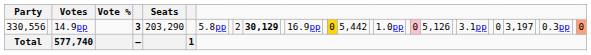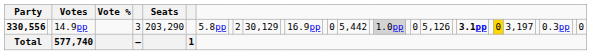 <table class=wikitable style="text-align:right;">
 <tr>
 <th colspan=2>Party</th>
 <th>Votes</th>
 <th>Vote %</th>
 <th></th>
 <th>Seats</th>
 <th></th>
 </tr>
 <tr>
-<td>330,556</td>
+<td><strong>330,556</strong></td>
 <td style="text-align:center;"></td>
 <td style="text-align:left;"> 14.9<a href='#'>pp</a></td>
 <td style="text-align:center;"></td>
-<td style="text-align:left;"><strong> 3<br></strong></td>
+<td style="text-align:left;"> 3<br></td>
 <td>203,290</td>
 <td style="text-align:center;"></td>
 <td style="text-align:left;"> 5.8<a href='#'>pp</a></td>
 <td style="text-align:center;"></td>
 <td style="text-align:left;"> 2<br></td>
-<td><strong>30,129</strong></td>
+<td>30,129</td>
 <td style="text-align:center;"></td>
 <td style="text-align:left;"> 16.9<a href='#'>pp</a></td>
 <td style="text-align:center;"></td>
-<td style="background: gold; text-align:left;"> 0<br></td>
+<td style="text-align:left;"> 0<br></td>
 <td>5,442</td>
 <td style="text-align:center;"></td>
-<td style="text-align:left;"> 1.0<a href='#'>pp</a></td>
+<td style="background: lightgrey; text-align:left;"> 1.0<a href='#'>pp</a></td>
 <td style="text-align:center;"></td>
-<td style="background: pink; text-align:left;"> 0<br></td>
+<td style="text-align:left;"> 0<br></td>
 <td>5,126</td>
 <td style="text-align:center;"></td>
-<td style="text-align:left;"> 3.1<a href='#'>pp</a></td>
+<td style="text-align:left;"><strong> 3.1<a href='#'>pp</a></strong></td>
 <td style="text-align:center;"></td>
-<td style="text-align:left;"> 0<br></td>
+<td style="background: gold; text-align:left;"> 0<br></td>
 <td>3,197</td>
 <td style="text-align:center;"></td>
 <td style="text-align:left;"> 0.3<a href='#'>pp</a></td>
 <td style="text-align:center;"></td>
-<td style="background: lightsalmon; text-align:left;"> 0</td>
+<td style="text-align:left;"> 0</td>
 </tr>
 <tr>
 <th colspan="2">Total</th>
 <th>577,740</th>
 <th></th>
 <th>–</th>
 <th></th>
 <th style="text-align:left;"> 1</th>
 </tr>
 </table>
